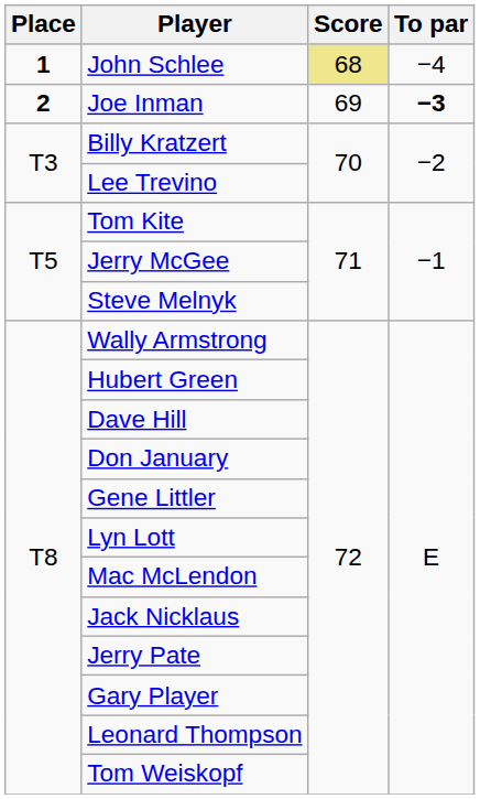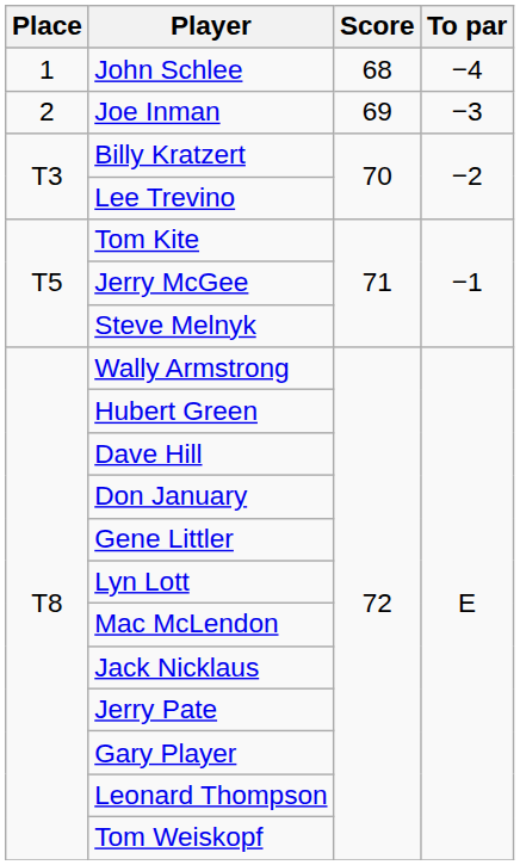 <table class="wikitable">
 <tr>
 <th>Place</th>
 <th>Player</th>
 <th>Score</th>
 <th>To par</th>
 </tr>
 <tr>
-<td align="center"><strong>1</strong></td>
+<td align="center">1</td>
 <td> <a href='#'>John Schlee</a></td>
-<td align="center" style="background: khaki;">68</td>
+<td align="center">68</td>
 <td align="center">−4</td>
 </tr>
 <tr>
-<td align="center"><strong>2</strong></td>
+<td align="center">2</td>
 <td> <a href='#'>Joe Inman</a></td>
 <td align="center">69</td>
-<td align="center"><strong>−3</strong></td>
+<td align="center">−3</td>
 </tr>
 <tr>
 <td rowspan=2 align="center">T3</td>
 <td> <a href='#'>Billy Kratzert</a></td>
 <td rowspan=2 align="center">70</td>
 <td rowspan=2 align="center">−2</td>
 </tr>
 <tr>
 <td> <a href='#'>Lee Trevino</a></td>
 </tr>
 <tr>
 <td rowspan=3 align="center">T5</td>
 <td> <a href='#'>Tom Kite</a></td>
 <td rowspan=3 align="center">71</td>
 <td rowspan=3 align="center">−1</td>
 </tr>
 <tr>
 <td> <a href='#'>Jerry McGee</a></td>
 </tr>
 <tr>
 <td> <a href='#'>Steve Melnyk</a></td>
 </tr>
 <tr>
 <td rowspan=12 align="center">T8</td>
 <td> <a href='#'>Wally Armstrong</a></td>
 <td rowspan=12 align="center">72</td>
 <td rowspan=12 align="center">E</td>
 </tr>
 <tr>
 <td> <a href='#'>Hubert Green</a></td>
 </tr>
 <tr>
 <td> <a href='#'>Dave Hill</a></td>
 </tr>
 <tr>
 <td> <a href='#'>Don January</a></td>
 </tr>
 <tr>
 <td> <a href='#'>Gene Littler</a></td>
 </tr>
 <tr>
 <td> <a href='#'>Lyn Lott</a></td>
 </tr>
 <tr>
 <td> <a href='#'>Mac McLendon</a></td>
 </tr>
 <tr>
 <td> <a href='#'>Jack Nicklaus</a></td>
 </tr>
 <tr>
 <td> <a href='#'>Jerry Pate</a></td>
 </tr>
 <tr>
 <td> <a href='#'>Gary Player</a></td>
 </tr>
 <tr>
 <td> <a href='#'>Leonard Thompson</a></td>
 </tr>
 <tr>
 <td> <a href='#'>Tom Weiskopf</a></td>
 </tr>
 </table>
